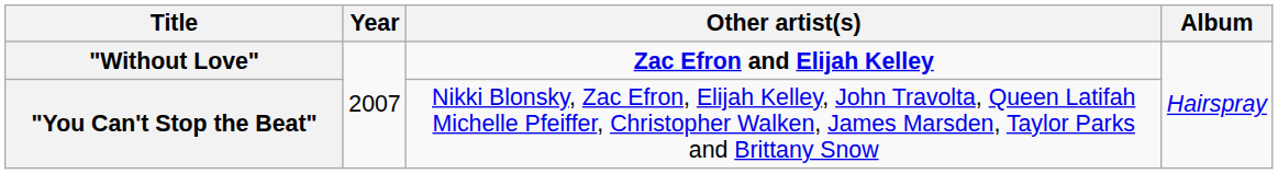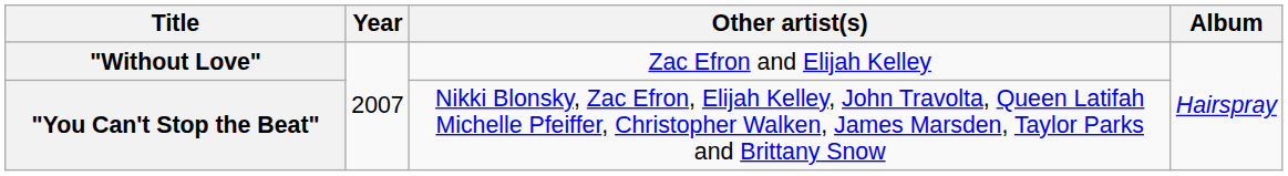 <table class="wikitable plainrowheaders" style="text-align:center;" border="1">
 <tr>
 <th scope="col" style="width:14em;">Title</th>
 <th scope="col">Year</th>
 <th scope="col">Other artist(s)</th>
 <th scope="col">Album</th>
 </tr>
 <tr>
 <th scope="row">"Without Love"</th>
 <td rowspan="2">2007</td>
-<td><strong><a href='#'>Zac Efron</a> and <a href='#'>Elijah Kelley</a></strong></td>
+<td><a href='#'>Zac Efron</a> and <a href='#'>Elijah Kelley</a></td>
 <td rowspan="2"><em><a href='#'>Hairspray</a></em></td>
 </tr>
 <tr>
 <th scope="row">"You Can't Stop the Beat"</th>
 <td><a href='#'>Nikki Blonsky</a>, <a href='#'>Zac Efron</a>, <a href='#'>Elijah Kelley</a>, <a href='#'>John Travolta</a>, <a href='#'>Queen Latifah</a><br><a href='#'>Michelle Pfeiffer</a>, <a href='#'>Christopher Walken</a>, <a href='#'>James Marsden</a>, <a href='#'>Taylor Parks</a> and <a href='#'>Brittany Snow</a></td>
 </tr>
 </table>
